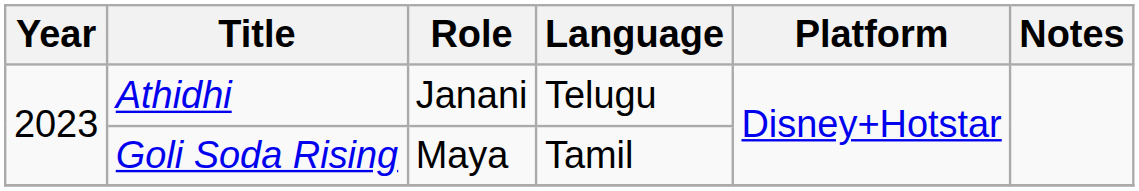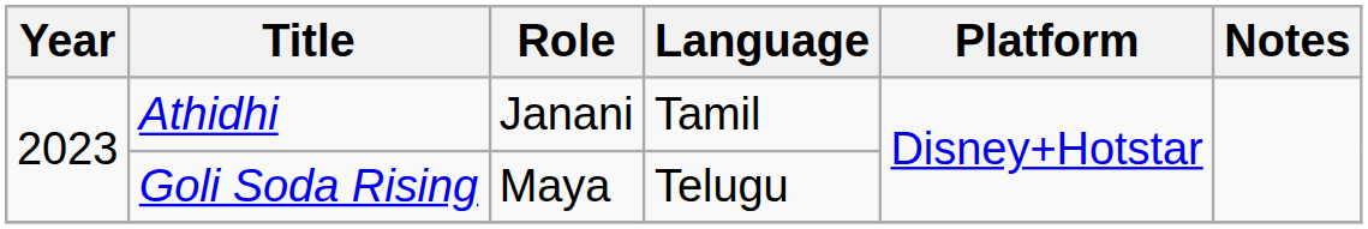 <table class="wikitable">
 <tr>
 <th>Year</th>
 <th>Title</th>
 <th>Role</th>
 <th>Language</th>
 <th>Platform</th>
 <th>Notes</th>
 </tr>
 <tr>
 <td rowspan="2">2023</td>
 <td><em><a href='#'>Athidhi</a></em></td>
 <td>Janani</td>
-<td>Telugu</td>
+<td>Tamil</td>
 <td rowspan="2*"><a href='#'>Disney+Hotstar</a></td>
 <td rowspan="2"></td>
 </tr>
 <tr>
 <td><em><a href='#'>Goli Soda Rising</a></em></td>
 <td>Maya</td>
-<td>Tamil</td>
+<td>Telugu</td>
 </tr>
 <tr>
 </tr>
 </table>
